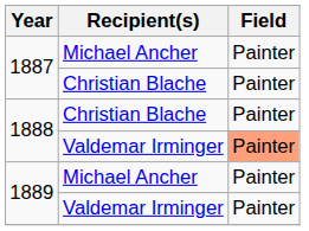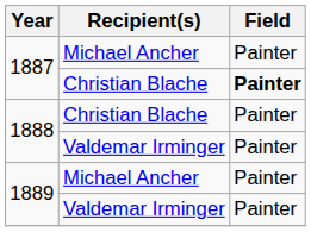 <table class="wikitable sortable">
 <tr>
 <th>Year</th>
 <th>Recipient(s)</th>
 <th>Field</th>
 </tr>
 <tr>
 <td rowspan="2">1887</td>
 <td><a href='#'>Michael Ancher</a></td>
 <td>Painter</td>
 </tr>
 <tr>
 <td><a href='#'>Christian Blache</a></td>
-<td>Painter</td>
+<td><strong>Painter</strong></td>
 </tr>
 <tr>
 <td rowspan="2">1888</td>
 <td><a href='#'>Christian Blache</a></td>
 <td>Painter</td>
 </tr>
 <tr>
 <td><a href='#'>Valdemar Irminger</a></td>
-<td style="background: lightsalmon;">Painter</td>
+<td>Painter</td>
 </tr>
 <tr>
 <td rowspan="2">1889</td>
 <td><a href='#'>Michael Ancher</a></td>
 <td>Painter</td>
 </tr>
 <tr>
 <td><a href='#'>Valdemar Irminger</a></td>
 <td>Painter</td>
 </tr>
 <tr>
 </tr>
 </table>
